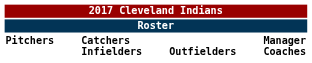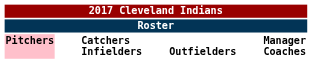 <table class="toccolours" style="font-size: 95%;">
 <tr>
 <th colspan="10" style="background-color: #990000; color: white; text-align: center;">2017 Cleveland Indians</th>
 </tr>
 <tr>
 <td colspan="10" style="background-color: #023456; color: #FFFFFF; text-align: center;"><strong>Roster</strong></td>
 </tr>
 <tr>
-<td valign="top"><strong>Pitchers</strong><br>                  </td>
+<td valign="top" style="background: pink;"><strong>Pitchers</strong><br>                  </td>
 <td width="25px"></td>
 <td valign="top"><strong>Catchers</strong><br>   <strong>Infielders</strong>         </td>
 <td width="25px"></td>
 <td valign="top"><br><strong>Outfielders</strong>          </td>
 <td width="25px"></td>
 <td valign="top"><strong>Manager</strong><br> <strong>Coaches</strong>                    </td>
 </tr>
 </table>
